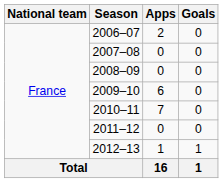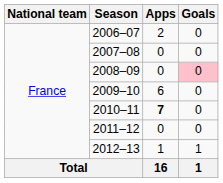 <table class="wikitable" style="text-align: center;">
 <tr>
 <th>National team</th>
 <th>Season</th>
 <th>Apps</th>
 <th>Goals</th>
 </tr>
 <tr>
 <td rowspan="7"><a href='#'>France</a></td>
 <td>2006–07</td>
 <td>2</td>
 <td>0</td>
 </tr>
 <tr>
 <td>2007–08</td>
 <td>0</td>
 <td>0</td>
 </tr>
 <tr>
 <td>2008–09</td>
 <td>0</td>
-<td>0</td>
+<td style="background: pink;">0</td>
 </tr>
 <tr>
 <td>2009–10</td>
 <td>6</td>
 <td>0</td>
 </tr>
 <tr>
 <td>2010–11</td>
-<td>7</td>
+<td><strong>7</strong></td>
 <td>0</td>
 </tr>
 <tr>
 <td>2011–12</td>
 <td>0</td>
 <td>0</td>
 </tr>
 <tr>
 <td>2012–13</td>
 <td>1</td>
 <td>1</td>
 </tr>
 <tr>
 <th colspan="2">Total</th>
 <th>16</th>
 <th>1</th>
 </tr>
 </table>
